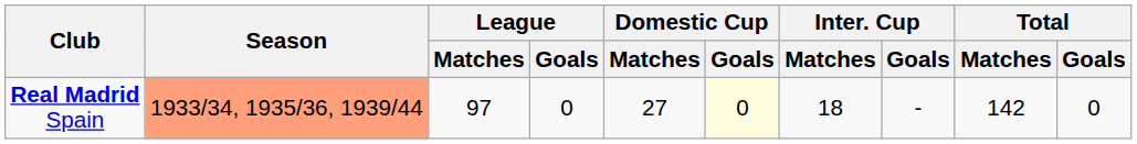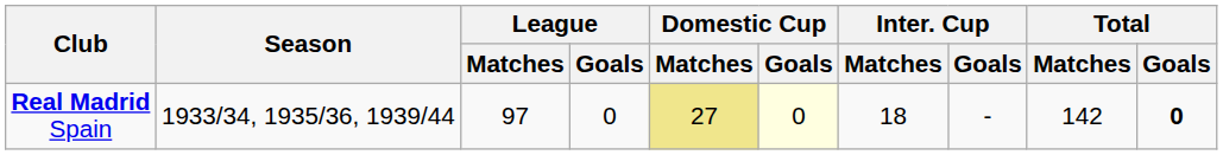 <table align="center" class="wikitable" style="text-align: center;">
 <tr>
 <th rowspan="2">Club</th>
 <th rowspan="2">Season</th>
 <th colspan="2">League</th>
 <th colspan="2">Domestic Cup</th>
 <th colspan="2">Inter. Cup</th>
 <th colspan="2">Total</th>
 </tr>
 <tr>
 <th>Matches</th>
 <th>Goals</th>
 <th>Matches</th>
 <th>Goals</th>
 <th>Matches</th>
 <th>Goals</th>
 <th>Matches</th>
 <th>Goals</th>
 </tr>
 <tr>
 <td valign="top"><strong><a href='#'>Real Madrid</a></strong><br><a href='#'>Spain</a></td>
-<td style="background: lightsalmon;">1933/34, 1935/36, 1939/44</td>
+<td>1933/34, 1935/36, 1939/44</td>
 <td>97</td>
 <td>0</td>
-<td>27</td>
+<td style="background: khaki;">27</td>
 <td style="background: lightyellow;">0</td>
 <td>18</td>
 <td>-</td>
 <td>142</td>
-<td>0</td>
+<td><strong>0</strong></td>
 </tr>
 </table>
